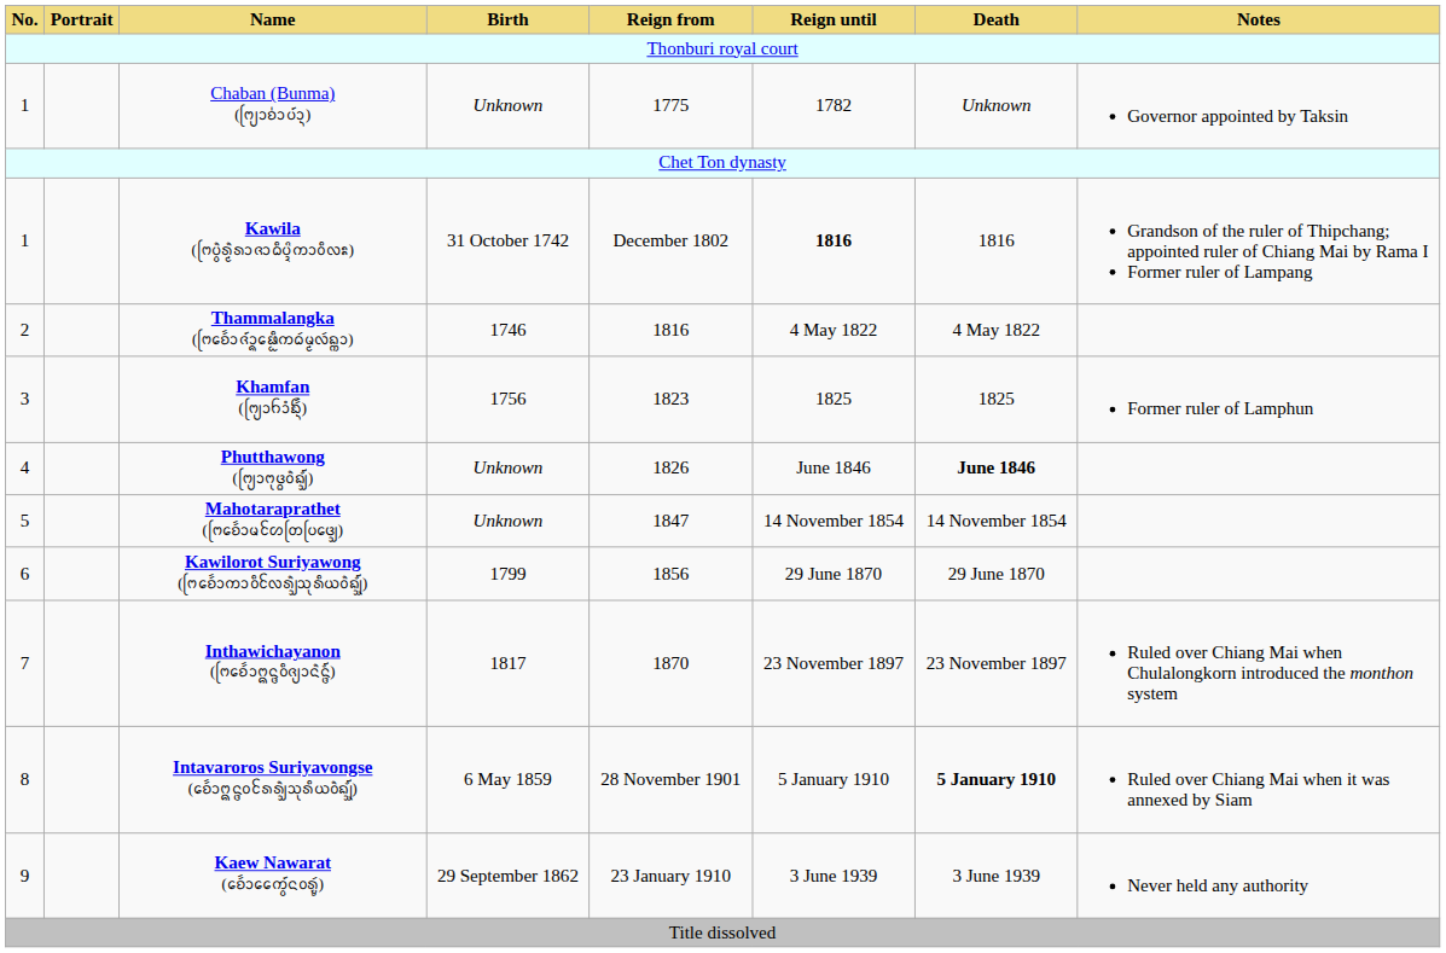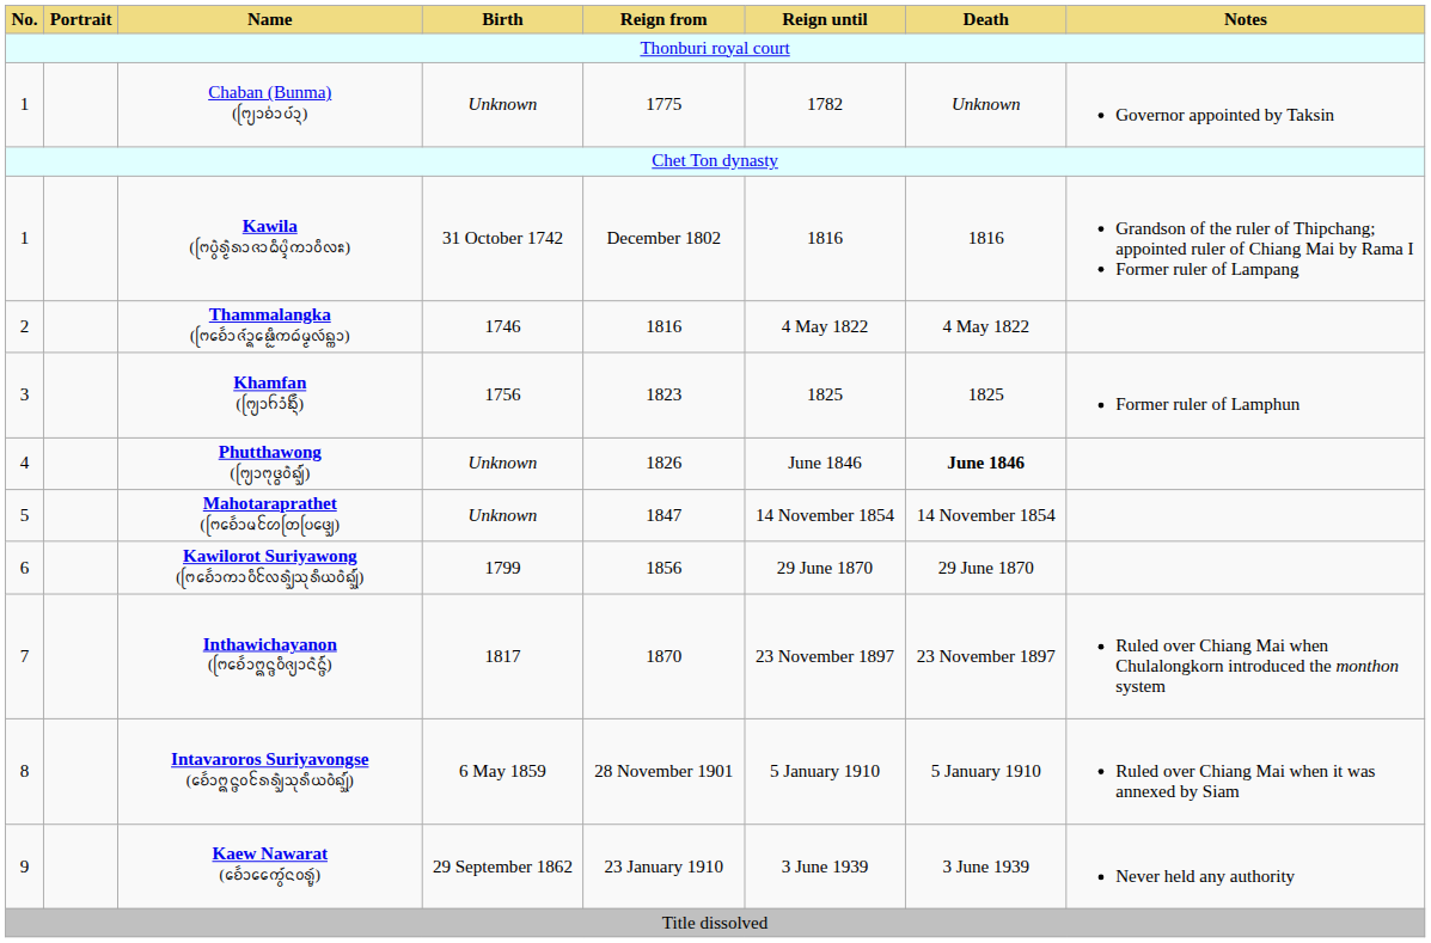 <table class="wikitable" width="100%">
 <tr>
 <th width="1%" style="background-color:#F0DC82">No.</th>
 <th width="1%" style="background-color:#F0DC82">Portrait</th>
 <th width="17%" style="background-color:#F0DC82">Name</th>
 <th width="9%" style="background-color:#F0DC82">Birth</th>
 <th width="9%" style="background-color:#F0DC82">Reign from</th>
 <th width="9%" style="background-color:#F0DC82">Reign until</th>
 <th width="9%" style="background-color:#F0DC82">Death</th>
 <th width="20%" style="background-color:#F0DC82">Notes</th>
 </tr>
 <tr>
 <td colspan="8" style="text-align:center; background: #E0FFFF;"><a href='#'>Thonburi royal court</a></td>
 </tr>
 <tr>
 <td style="text-align:center">1</td>
 <td style="text-align:center"></td>
 <td style="text-align:center"><a href='#'>Chaban (Bunma)</a><br><small>(ᨻᩕ᩠ᨿᩣᨧ᩵ᩣᨷ᩶ᩣ᩠ᨶ)</small></td>
 <td style="text-align:center"><em>Unknown</em></td>
 <td style="text-align:center">1775</td>
 <td style="text-align:center">1782</td>
 <td style="text-align:center"><em>Unknown</em></td>
 <td><br><ul><li>Governor appointed by Taksin</li></ul></td>
 </tr>
 <tr>
 <td colspan="8" style="text-align:center; background: #E0FFFF;"><a href='#'>Chet Ton dynasty</a></td>
 </tr>
 <tr>
 <td style="text-align:center">1</td>
 <td style="text-align:center"></td>
 <td style="text-align:center"><strong><a href='#'>Kawila</a></strong><br><small>(ᨻᩕᨷᩫ᩠ᩅᩁᩫ᩠ᨾᩁᩣᨩᩣᨵᩥᨷᩦ᩠ᨯᨠᩣᩅᩥᩃᩡ)</small></td>
 <td style="text-align:center">31 October 1742</td>
 <td style="text-align:center">December 1802</td>
-<td style="text-align:center"><strong>1816</strong></td>
+<td style="text-align:center">1816</td>
 <td style="text-align:center">1816</td>
 <td><br><ul><li>Grandson of the ruler of Thipchang; appointed ruler of Chiang Mai by Rama I</li><li>Former ruler of Lampang</li></ul></td>
 </tr>
 <tr>
 <td style="text-align:center">2</td>
 <td style="text-align:center"></td>
 <td style="text-align:center"><strong><a href='#'>Thammalangka</a></strong><br><small>(ᨻᩕᨧᩮᩢ᩶ᩣᨩ᩶ᩣ᩠ᨦᩮᨹᩥᩬᨠᨵᩢᨾ᩠ᨾᩃᩢᨦ᩠ᨠᩣ)</small></td>
 <td style="text-align:center">1746</td>
 <td style="text-align:center">1816</td>
 <td style="text-align:center">4 May 1822</td>
 <td style="text-align:center">4 May 1822</td>
 <td></td>
 </tr>
 <tr>
 <td style="text-align:center">3</td>
 <td style="text-align:center"></td>
 <td style="text-align:center"><strong><a href='#'>Khamfan</a></strong><br><small>(ᨻᩕ᩠ᨿᩣᨤᩣᩴᨺᩢ᩠᩶ᨶ)</small></td>
 <td style="text-align:center">1756</td>
 <td style="text-align:center">1823</td>
 <td style="text-align:center">1825</td>
 <td style="text-align:center">1825</td>
 <td><br><ul><li>Former ruler of Lamphun</li></ul></td>
 </tr>
 <tr>
 <td style="text-align:center">4</td>
 <td style="text-align:center"></td>
 <td style="text-align:center"><strong><a href='#'>Phutthawong</a></strong><br><small>(ᨻᩕ᩠ᨿᩣᨻᩩᨴ᩠ᨵᩅᩫᨦ᩠ᩈ᩼)</small></td>
 <td style="text-align:center"><em>Unknown</em></td>
 <td style="text-align:center">1826</td>
 <td style="text-align:center">June 1846</td>
 <td style="text-align:center"><strong>June 1846</strong></td>
 <td></td>
 </tr>
 <tr>
 <td style="text-align:center">5</td>
 <td style="text-align:center"></td>
 <td style="text-align:center"><strong><a href='#'>Mahotaraprathet</a></strong><br><small>(ᨻᩕᨧᩮᩢ᩶ᩣᨾᩉᩰᨲᩕᨷᩕᨴᩮ᩠ᩈ)</small></td>
 <td style="text-align:center"><em>Unknown</em></td>
 <td style="text-align:center">1847</td>
 <td style="text-align:center">14 November 1854</td>
 <td style="text-align:center">14 November 1854</td>
 <td></td>
 </tr>
 <tr>
 <td style="text-align:center">6</td>
 <td style="text-align:center"></td>
 <td style="text-align:center"><a href='#'><strong>Kawilorot Suriyawong</strong></a><br><small>(ᨻᩕᨧᩮᩢ᩶ᩣᨠᩣᩅᩥᩃᩰᩁᩫ᩠ᩈᩈᩩᩁᩥᨿᩅᩫᨦ᩠ᩇ᩼)</small></td>
 <td style="text-align:center">1799</td>
 <td style="text-align:center">1856</td>
 <td style="text-align:center">29 June 1870</td>
 <td style="text-align:center">29 June 1870</td>
 <td></td>
 </tr>
 <tr>
 <td style="text-align:center">7</td>
 <td style="text-align:center"></td>
 <td style="text-align:center"><strong><a href='#'>Inthawichayanon</a></strong><br><small>(ᨻᩕᨧᩮᩢ᩶ᩣᩍᨶ᩠ᨴᩅᩥᨩ᩠ᨿᩣᨶᩫᨶ᩠ᨴ᩼)</small></td>
 <td style="text-align:center">1817</td>
 <td style="text-align:center">1870</td>
 <td style="text-align:center">23 November 1897</td>
 <td style="text-align:center">23 November 1897</td>
 <td><br><ul><li>Ruled over Chiang Mai when Chulalongkorn introduced the <em>monthon</em> system</li></ul></td>
 </tr>
 <tr>
 <td style="text-align:center">8</td>
 <td style="text-align:center"></td>
 <td style="text-align:center"><a href='#'><strong>Intavaroros Suriyavongse</strong></a><br><small>(ᨧᩮᩢ᩶ᩣᩍᨶ᩠ᨴᩅᩁᩰᩁᩫ᩠ᩈᩈᩩᩁᩥᨿᩅᩫᨦ᩠ᩇ᩼)</small></td>
 <td style="text-align:center">6 May 1859</td>
 <td style="text-align:center">28 November 1901</td>
 <td style="text-align:center">5 January 1910</td>
-<td style="text-align:center"><strong>5 January 1910</strong></td>
+<td style="text-align:center">5 January 1910</td>
 <td><br><ul><li>Ruled over Chiang Mai when it was annexed by Siam</li></ul></td>
 </tr>
 <tr>
 <td style="text-align:center">9</td>
 <td style="text-align:center"></td>
 <td style="text-align:center"><a href='#'><strong>Kaew Nawarat</strong></a><br><small>(ᨧᩮᩢ᩶ᩣᩯᨠ᩠᩶ᩅᨶᩅᩁᩢ᩠ᨮ)</small></td>
 <td style="text-align:center">29 September 1862</td>
 <td style="text-align:center">23 January 1910</td>
 <td style="text-align:center">3 June 1939</td>
 <td style="text-align:center">3 June 1939</td>
 <td><br><ul><li>Never held any authority</li></ul></td>
 </tr>
 <tr>
 <td colspan="8" style="text-align:center; background:silver">Title dissolved</td>
 </tr>
 </table>
